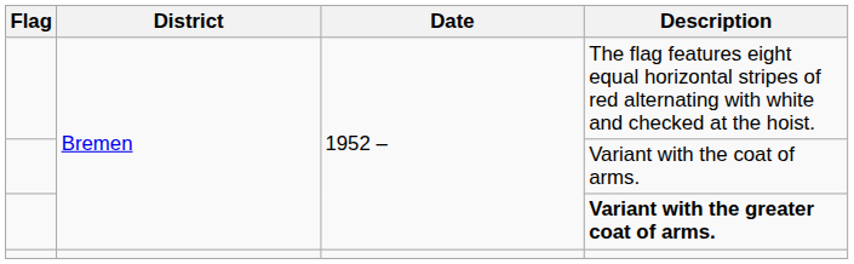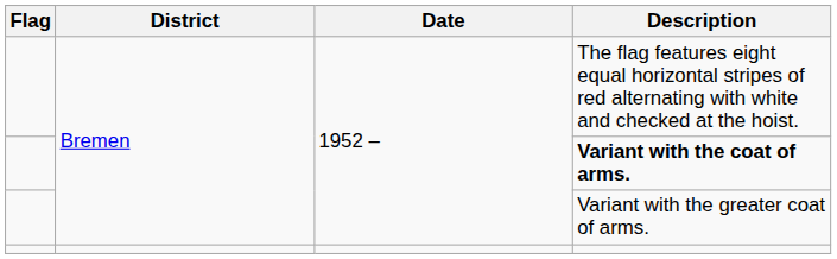 <table class="wikitable">
 <tr>
 <th>Flag</th>
 <th style="width:200px;">District</th>
 <th style="width:200px;">Date</th>
 <th style="width:200px;">Description</th>
 </tr>
 <tr>
 <td></td>
 <td rowspan="3"><a href='#'>Bremen</a></td>
 <td rowspan="3">1952 –</td>
 <td> The flag features eight equal horizontal stripes of red alternating with white and checked at the hoist.</td>
 </tr>
 <tr>
 <td></td>
-<td>Variant with the coat of arms.</td>
+<td><strong>Variant with the coat of arms.</strong></td>
 </tr>
 <tr>
 <td></td>
-<td><strong>Variant with the greater coat of arms.</strong></td>
+<td>Variant with the greater coat of arms.</td>
 </tr>
 <tr>
 <td></td>
 <td></td>
 <td></td>
 <td></td>
 </tr>
 </table>
